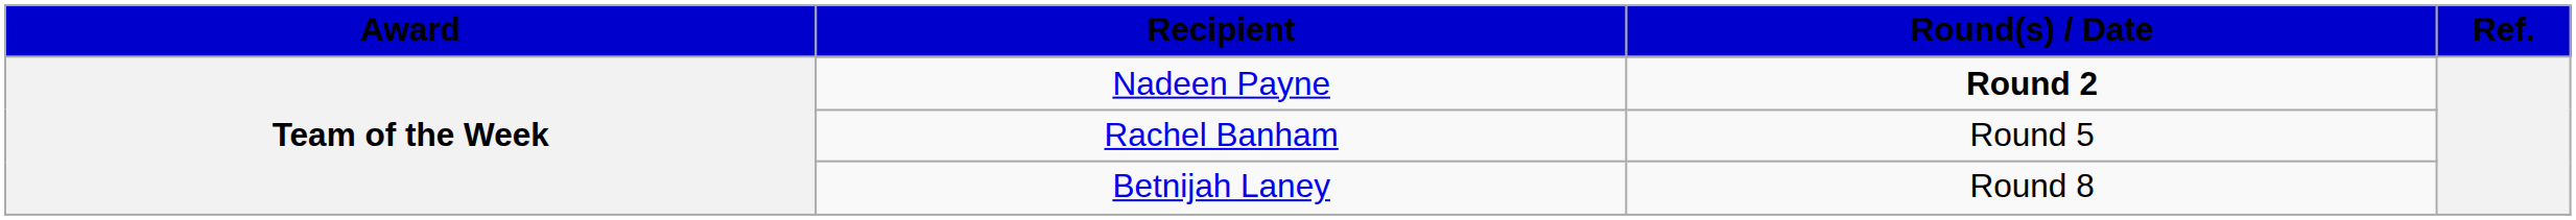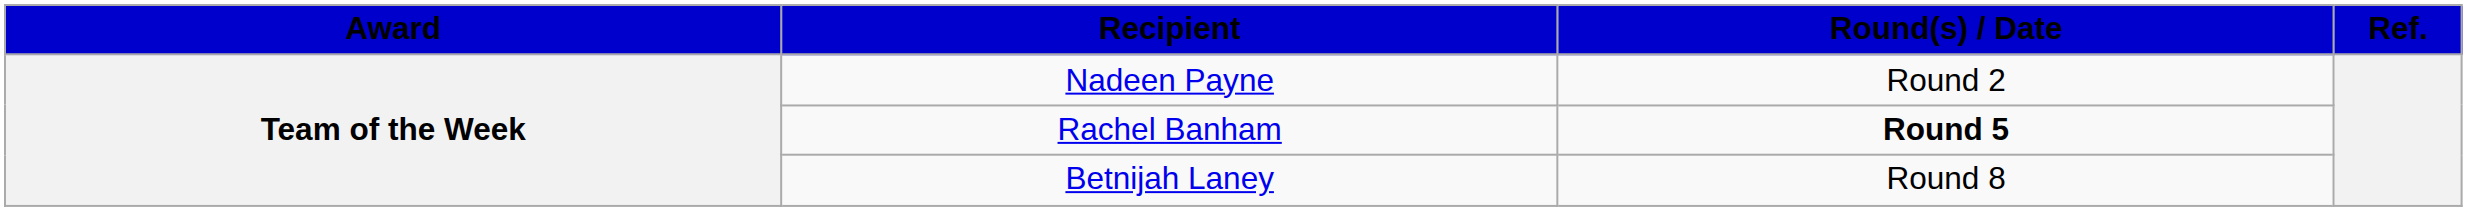 <table class="wikitable sortable sortable" style="text-align: center">
 <tr>
 <th style="background: #0000CD" width="10%"><span>Award</span></th>
 <th style="background: #0000CD" width="10%"><span>Recipient</span></th>
 <th style="background: #0000CD" width="10%"><span>Round(s) / Date</span></th>
 <th style="background: #0000CD" width="1%" class="unsortable"><span>Ref.</span></th>
 </tr>
 <tr>
 <th rowspan=3>Team of the Week</th>
 <td><a href='#'>Nadeen Payne</a></td>
-<td><strong>Round 2</strong></td>
+<td>Round 2</td>
 <th rowspan=3></th>
 </tr>
 <tr>
 <td><a href='#'>Rachel Banham</a></td>
-<td>Round 5</td>
+<td><strong>Round 5</strong></td>
 </tr>
 <tr>
 <td><a href='#'>Betnijah Laney</a></td>
 <td>Round 8</td>
 </tr>
 </table>
